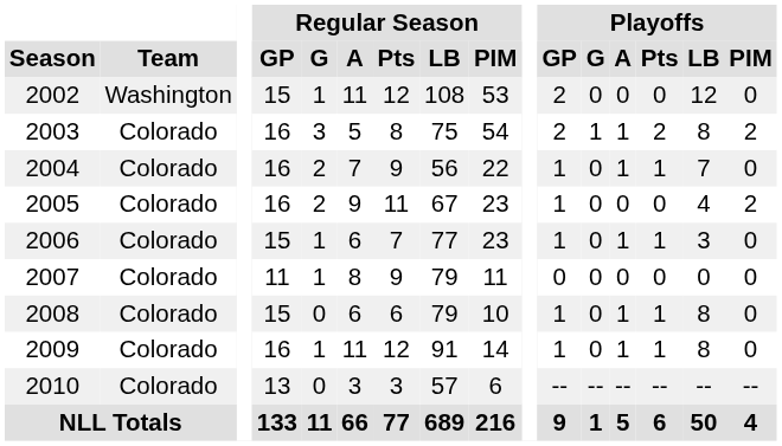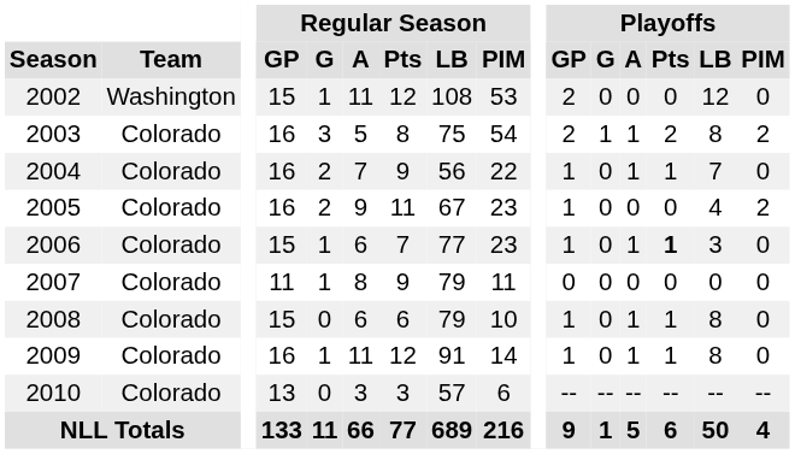 <table BORDER="0" CELLPADDING="3" CELLSPACING="0">
 <tr ALIGN="center" bgcolor="#e0e0e0">
 <th colspan="2" bgcolor="#ffffff"> </th>
 <th rowspan="99" bgcolor="#ffffff"> </th>
 <th colspan="6">Regular Season</th>
 <th rowspan="99" bgcolor="#ffffff"> </th>
 <th colspan="6">Playoffs</th>
 </tr>
 <tr ALIGN="center" bgcolor="#e0e0e0">
 <th>Season</th>
 <th>Team</th>
 <th>GP</th>
 <th>G</th>
 <th>A</th>
 <th>Pts</th>
 <th>LB</th>
 <th>PIM</th>
 <th>GP</th>
 <th>G</th>
 <th>A</th>
 <th>Pts</th>
 <th>LB</th>
 <th>PIM</th>
 </tr>
 <tr ALIGN="center" bgcolor="#f0f0f0">
 <td>2002</td>
 <td>Washington</td>
 <td>15</td>
 <td>1</td>
 <td>11</td>
 <td>12</td>
 <td>108</td>
 <td>53</td>
 <td>2</td>
 <td>0</td>
 <td>0</td>
 <td>0</td>
 <td>12</td>
 <td>0</td>
 </tr>
 <tr ALIGN="center">
 <td>2003</td>
 <td>Colorado</td>
 <td>16</td>
 <td>3</td>
 <td>5</td>
 <td>8</td>
 <td>75</td>
 <td>54</td>
 <td>2</td>
 <td>1</td>
 <td>1</td>
 <td>2</td>
 <td>8</td>
 <td>2</td>
 </tr>
 <tr ALIGN="center" bgcolor="#f0f0f0">
 <td>2004</td>
 <td>Colorado</td>
 <td>16</td>
 <td>2</td>
 <td>7</td>
 <td>9</td>
 <td>56</td>
 <td>22</td>
 <td>1</td>
 <td>0</td>
 <td>1</td>
 <td>1</td>
 <td>7</td>
 <td>0</td>
 </tr>
 <tr ALIGN="center">
 <td>2005</td>
 <td>Colorado</td>
 <td>16</td>
 <td>2</td>
 <td>9</td>
 <td>11</td>
 <td>67</td>
 <td>23</td>
 <td>1</td>
 <td>0</td>
 <td>0</td>
 <td>0</td>
 <td>4</td>
 <td>2</td>
 </tr>
 <tr ALIGN="center" bgcolor="#f0f0f0">
 <td>2006</td>
 <td>Colorado</td>
 <td>15</td>
 <td>1</td>
 <td>6</td>
 <td>7</td>
 <td>77</td>
 <td>23</td>
 <td>1</td>
 <td>0</td>
 <td>1</td>
-<td>1</td>
+<td><strong>1</strong></td>
 <td>3</td>
 <td>0</td>
 </tr>
 <tr ALIGN="center">
 <td>2007</td>
 <td>Colorado</td>
 <td>11</td>
 <td>1</td>
 <td>8</td>
 <td>9</td>
 <td>79</td>
 <td>11</td>
 <td>0</td>
 <td>0</td>
 <td>0</td>
 <td>0</td>
 <td>0</td>
 <td>0</td>
 </tr>
 <tr ALIGN="center" bgcolor="#f0f0f0">
 <td>2008</td>
 <td>Colorado</td>
 <td>15</td>
 <td>0</td>
 <td>6</td>
 <td>6</td>
 <td>79</td>
 <td>10</td>
 <td>1</td>
 <td>0</td>
 <td>1</td>
 <td>1</td>
 <td>8</td>
 <td>0</td>
 </tr>
 <tr ALIGN="center">
 <td>2009</td>
 <td>Colorado</td>
 <td>16</td>
 <td>1</td>
 <td>11</td>
 <td>12</td>
 <td>91</td>
 <td>14</td>
 <td>1</td>
 <td>0</td>
 <td>1</td>
 <td>1</td>
 <td>8</td>
 <td>0</td>
 </tr>
 <tr ALIGN="center" bgcolor="#f0f0f0">
 <td>2010</td>
 <td>Colorado</td>
 <td>13</td>
 <td>0</td>
 <td>3</td>
 <td>3</td>
 <td>57</td>
 <td>6</td>
 <td>--</td>
 <td>--</td>
 <td>--</td>
 <td>--</td>
 <td>--</td>
 <td>--</td>
 </tr>
 <tr ALIGN="center" bgcolor="#e0e0e0">
 <th colspan="2">NLL Totals</th>
 <th>133</th>
 <th>11</th>
 <th>66</th>
 <th>77</th>
 <th>689</th>
 <th>216</th>
 <th>9</th>
 <th>1</th>
 <th>5</th>
 <th>6</th>
 <th>50</th>
 <th>4</th>
 </tr>
 </table>
